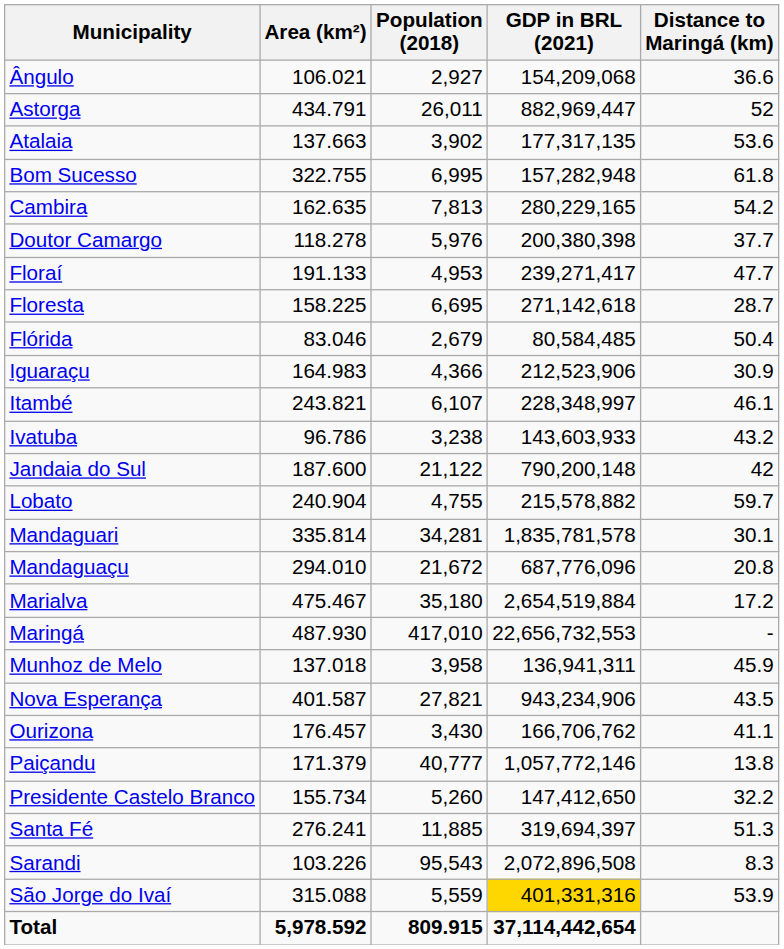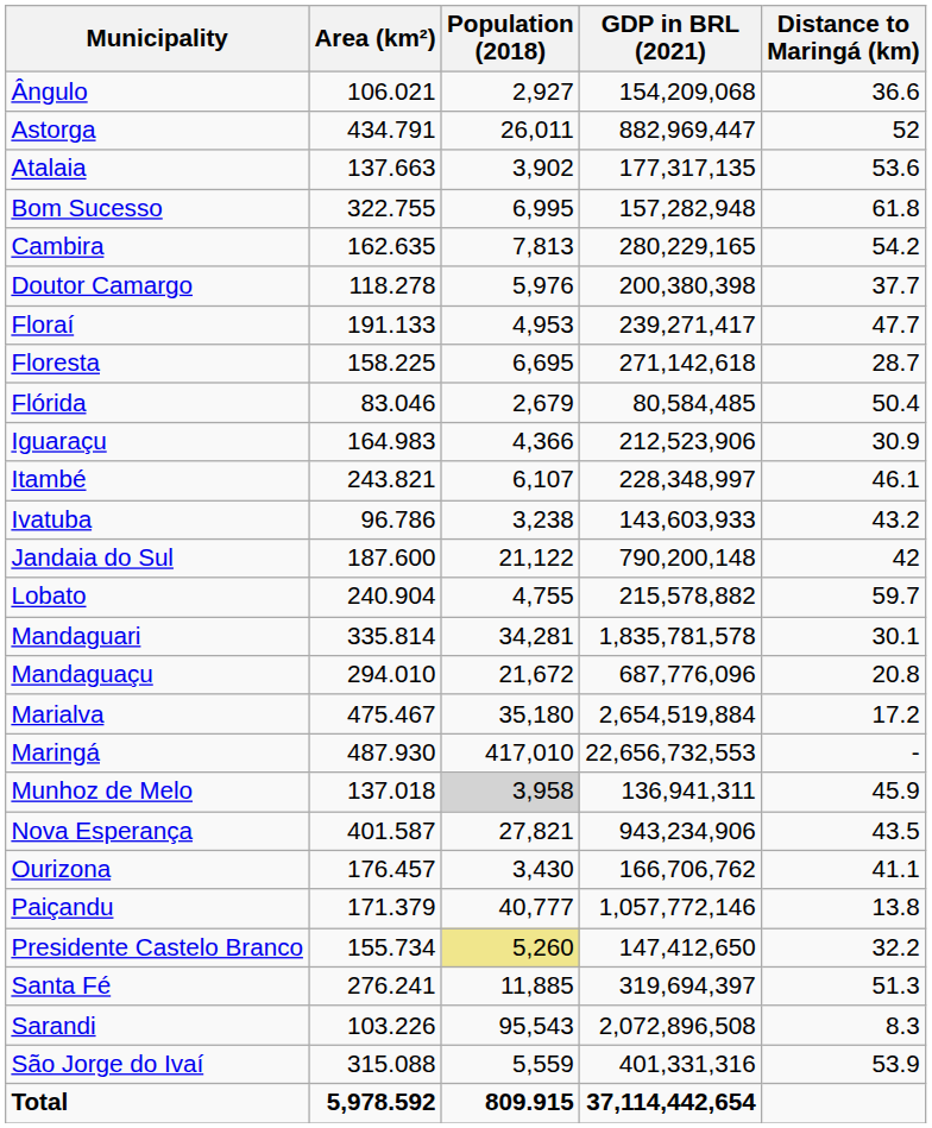 <table class="wikitable sortable">
 <tr>
 <th>Municipality</th>
 <th>Area (km²)<br></th>
 <th>Population<br>(2018)</th>
 <th>GDP in BRL<br>(2021)</th>
 <th>Distance to<br>Maringá (km)</th>
 </tr>
 <tr>
 <td><a href='#'>Ângulo</a></td>
 <td align=right>106.021</td>
 <td align="right">2,927</td>
 <td align="right">154,209,068</td>
 <td align=right>36.6</td>
 </tr>
 <tr>
 <td><a href='#'>Astorga</a></td>
 <td align=right>434.791</td>
 <td align="right">26,011</td>
 <td align="right">882,969,447</td>
 <td align=right>52</td>
 </tr>
 <tr>
 <td><a href='#'>Atalaia</a></td>
 <td align=right>137.663</td>
 <td align="right">3,902</td>
 <td align="right">177,317,135</td>
 <td align=right>53.6</td>
 </tr>
 <tr>
 <td><a href='#'>Bom Sucesso</a></td>
 <td align=right>322.755</td>
 <td align="right">6,995</td>
 <td align="right">157,282,948</td>
 <td align=right>61.8</td>
 </tr>
 <tr>
 <td><a href='#'>Cambira</a></td>
 <td align=right>162.635</td>
 <td align="right">7,813</td>
 <td align="right">280,229,165</td>
 <td align=right>54.2</td>
 </tr>
 <tr>
 <td><a href='#'>Doutor Camargo</a></td>
 <td align=right>118.278</td>
 <td align="right">5,976</td>
 <td align="right">200,380,398</td>
 <td align=right>37.7</td>
 </tr>
 <tr>
 <td><a href='#'>Floraí</a></td>
 <td align=right>191.133</td>
 <td align="right">4,953</td>
 <td align="right">239,271,417</td>
 <td align=right>47.7</td>
 </tr>
 <tr>
 <td><a href='#'>Floresta</a></td>
 <td align=right>158.225</td>
 <td align="right">6,695</td>
 <td align="right">271,142,618</td>
 <td align=right>28.7</td>
 </tr>
 <tr>
 <td><a href='#'>Flórida</a></td>
 <td align=right>83.046</td>
 <td align="right">2,679</td>
 <td align="right">80,584,485</td>
 <td align=right>50.4</td>
 </tr>
 <tr>
 <td><a href='#'>Iguaraçu</a></td>
 <td align=right>164.983</td>
 <td align="right">4,366</td>
 <td align="right">212,523,906</td>
 <td align=right>30.9</td>
 </tr>
 <tr>
 <td><a href='#'>Itambé</a></td>
 <td align=right>243.821</td>
 <td align="right">6,107</td>
 <td align="right">228,348,997</td>
 <td align=right>46.1</td>
 </tr>
 <tr>
 <td><a href='#'>Ivatuba</a></td>
 <td align=right>96.786</td>
 <td align="right">3,238</td>
 <td align="right">143,603,933</td>
 <td align=right>43.2</td>
 </tr>
 <tr>
 <td><a href='#'>Jandaia do Sul</a></td>
 <td align=right>187.600</td>
 <td align="right">21,122</td>
 <td align="right">790,200,148</td>
 <td align=right>42</td>
 </tr>
 <tr>
 <td><a href='#'>Lobato</a></td>
 <td align=right>240.904</td>
 <td align="right">4,755</td>
 <td align="right">215,578,882</td>
 <td align=right>59.7</td>
 </tr>
 <tr>
 <td><a href='#'>Mandaguari</a></td>
 <td align=right>335.814</td>
 <td align="right">34,281</td>
 <td align="right">1,835,781,578</td>
 <td align=right>30.1</td>
 </tr>
 <tr>
 <td><a href='#'>Mandaguaçu</a></td>
 <td align=right>294.010</td>
 <td align="right">21,672</td>
 <td align="right">687,776,096</td>
 <td align=right>20.8</td>
 </tr>
 <tr>
 <td><a href='#'>Marialva</a></td>
 <td align=right>475.467</td>
 <td align="right">35,180</td>
 <td align="right">2,654,519,884</td>
 <td align=right>17.2</td>
 </tr>
 <tr>
 <td><a href='#'>Maringá</a></td>
 <td align=right>487.930</td>
 <td align="right">417,010</td>
 <td align="right">22,656,732,553</td>
 <td align=right>-</td>
 </tr>
 <tr>
 <td><a href='#'>Munhoz de Melo</a></td>
 <td align=right>137.018</td>
-<td align="right">3,958</td>
+<td align="right" style="background: lightgrey;">3,958</td>
 <td align="right">136,941,311</td>
 <td align=right>45.9</td>
 </tr>
 <tr>
 <td><a href='#'>Nova Esperança</a></td>
 <td align=right>401.587</td>
 <td align="right">27,821</td>
 <td align="right">943,234,906</td>
 <td align=right>43.5</td>
 </tr>
 <tr>
 <td><a href='#'>Ourizona</a></td>
 <td align=right>176.457</td>
 <td align="right">3,430</td>
 <td align="right">166,706,762</td>
 <td align=right>41.1</td>
 </tr>
 <tr>
 <td><a href='#'>Paiçandu</a></td>
 <td align=right>171.379</td>
 <td align="right">40,777</td>
 <td align="right">1,057,772,146</td>
 <td align=right>13.8</td>
 </tr>
 <tr>
 <td><a href='#'>Presidente Castelo Branco</a></td>
 <td align=right>155.734</td>
-<td align="right">5,260</td>
+<td align="right" style="background: khaki;">5,260</td>
 <td align="right">147,412,650</td>
 <td align=right>32.2</td>
 </tr>
 <tr>
 <td><a href='#'>Santa Fé</a></td>
 <td align=right>276.241</td>
 <td align="right">11,885</td>
 <td align="right">319,694,397</td>
 <td align=right>51.3</td>
 </tr>
 <tr>
 <td><a href='#'>Sarandi</a></td>
 <td align=right>103.226</td>
 <td align="right">95,543</td>
 <td align="right">2,072,896,508</td>
 <td align=right>8.3</td>
 </tr>
 <tr>
 <td><a href='#'>São Jorge do Ivaí</a></td>
 <td align=right>315.088</td>
 <td align="right">5,559</td>
-<td align="right" style="background: gold;">401,331,316</td>
+<td align="right">401,331,316</td>
 <td align=right>53.9</td>
 </tr>
 <tr>
 <td><strong>Total</strong></td>
 <td align=right><strong>5,978.592</strong></td>
 <td align=right><strong>809.915</strong></td>
 <td align=right><strong>37,114,442,654</strong></td>
 </tr>
 </table>
